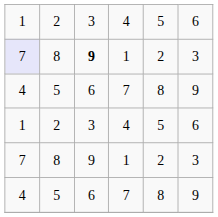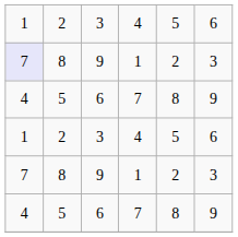 <table class="wikitable" style="margin-left:auto;margin-right:auto;text-align:center;width:15em;height:15em;table-layout:fixed;">
 <tr>
 <td>1</td>
 <td>2</td>
 <td>3</td>
 <td>4</td>
 <td>5</td>
 <td>6</td>
 </tr>
 <tr>
 <td style="background: lavender;">7</td>
 <td>8</td>
-<td><strong>9</strong></td>
+<td>9</td>
 <td>1</td>
 <td>2</td>
 <td>3</td>
 </tr>
 <tr>
 <td>4</td>
 <td>5</td>
 <td>6</td>
 <td>7</td>
 <td>8</td>
 <td>9</td>
 </tr>
 <tr>
 <td>1</td>
 <td>2</td>
 <td>3</td>
 <td>4</td>
 <td>5</td>
 <td>6</td>
 </tr>
 <tr>
 <td>7</td>
 <td>8</td>
 <td>9</td>
 <td>1</td>
 <td>2</td>
 <td>3</td>
 </tr>
 <tr>
 <td>4</td>
 <td>5</td>
 <td>6</td>
 <td>7</td>
 <td>8</td>
 <td>9</td>
 </tr>
 <tr>
 </tr>
 </table>
